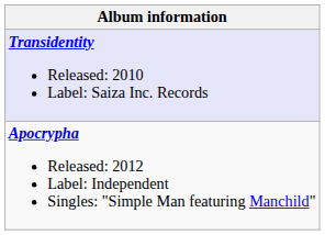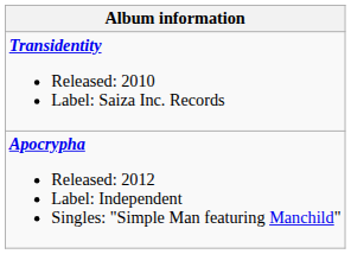 <table class="wikitable">
 <tr>
 <th align="left">Album information</th>
 </tr>
 <tr>
-<td align="left" style="background: lavender;"><strong><em><a href='#'>Transidentity</a></em></strong><br><ul><li>Released: 2010</li><li>Label: Saiza Inc. Records</li></ul></td>
+<td align="left"><strong><em><a href='#'>Transidentity</a></em></strong><br><ul><li>Released: 2010</li><li>Label: Saiza Inc. Records</li></ul></td>
 </tr>
 <tr>
 <td align="left"><strong><em><a href='#'>Apocrypha</a></em></strong><br><ul><li>Released: 2012</li><li>Label: Independent</li><li>Singles: "Simple Man featuring <a href='#'>Manchild</a>"</li></ul></td>
 </tr>
 </table>
